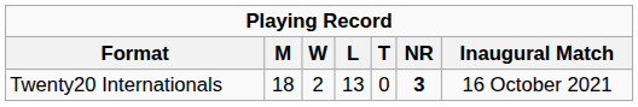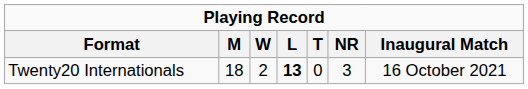 <table class="wikitable" style="text-align: center; width: 500px;">
 <tr>
 <td colspan=7 align="center"><strong>Playing Record</strong></td>
 </tr>
 <tr>
 <th>Format</th>
 <th>M</th>
 <th>W</th>
 <th>L</th>
 <th>T</th>
 <th>NR</th>
 <th>Inaugural Match</th>
 </tr>
 <tr>
 <td align="left">Twenty20 Internationals</td>
 <td>18</td>
 <td>2</td>
-<td>13</td>
+<td><strong>13</strong></td>
 <td>0</td>
-<td><strong>3</strong></td>
+<td>3</td>
 <td>16 October 2021</td>
 </tr>
 </table>
